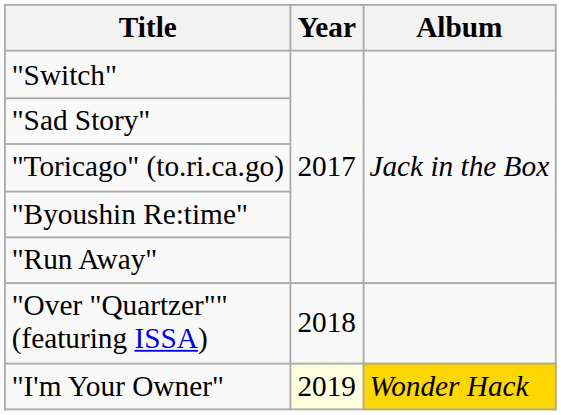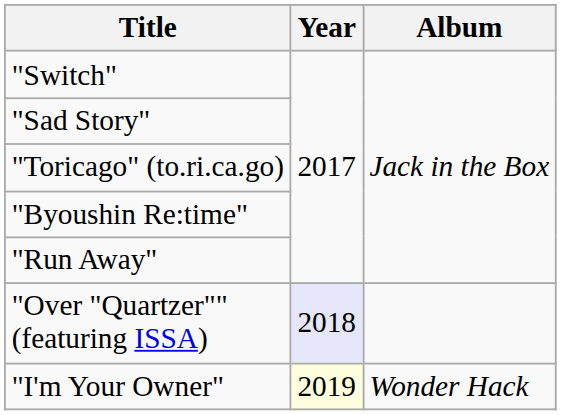 <table class="wikitable">
 <tr>
 <th>Title</th>
 <th>Year</th>
 <th>Album</th>
 </tr>
 <tr>
 <td>"Switch"</td>
 <td rowspan="5">2017</td>
 <td rowspan="5"><em>Jack in the Box</em></td>
 </tr>
 <tr>
 <td>"Sad Story"</td>
 </tr>
 <tr>
 <td>"Toricago" (to.ri.ca.go)</td>
 </tr>
 <tr>
 <td>"Byoushin Re:time"</td>
 </tr>
 <tr>
 <td>"Run Away"</td>
 </tr>
 <tr>
 <td>"Over "Quartzer""<br><span>(featuring <a href='#'>ISSA</a>)</span></td>
-<td>2018</td>
+<td style="background: lavender;">2018</td>
 <td></td>
 </tr>
 <tr>
 <td>"I'm Your Owner"<br></td>
 <td style="background: lightyellow;">2019</td>
-<td style="background: gold;"><em>Wonder Hack</em></td>
+<td><em>Wonder Hack</em></td>
 </tr>
 </table>
